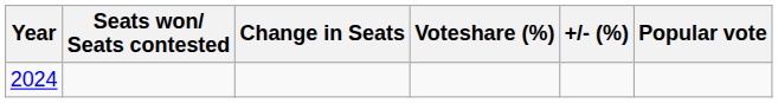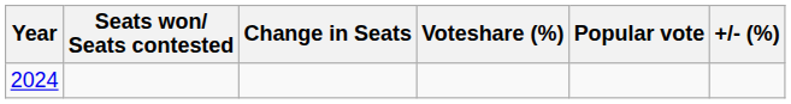 <table class="wikitable sortable">
 <tr>
 <th style="background-color:">Year</th>
 <th style="background-color:">Seats won/<br> Seats contested</th>
 <th style="background-color:">Change in Seats</th>
 <th style="background-color:">Voteshare (%)</th>
+<th style="background-color:">Popular vote</th>
 <th style="background-color:">+/- (%)</th>
-<th style="background-color:">Popular vote</th>
 </tr>
 <tr style="text-align:center;">
 <td><a href='#'>2024</a></td>
 <td></td>
 <td></td>
 <td></td>
 <td></td>
 <td></td>
 </tr>
 </table>
